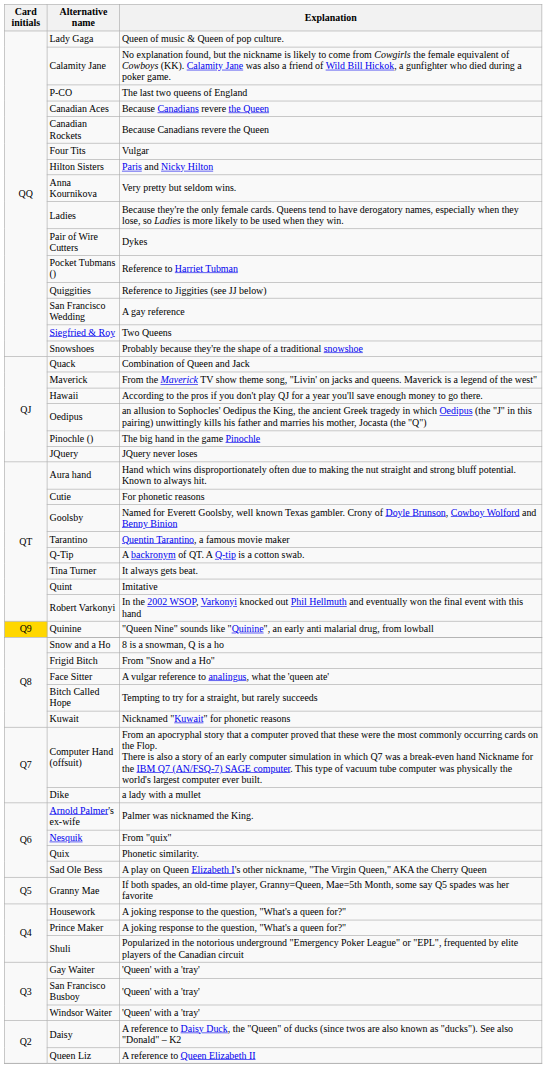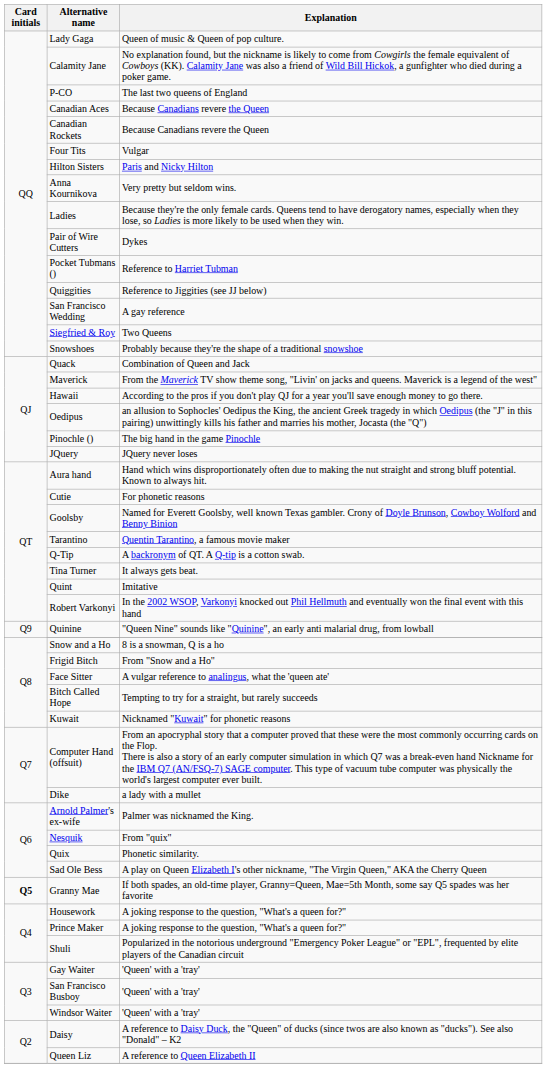 <table class="wikitable">
 <tr>
 <th>Card initials</th>
 <th>Alternative name</th>
 <th>Explanation</th>
 </tr>
 <tr>
 <td align="center" rowspan="15">QQ</td>
 <td>Lady Gaga</td>
 <td>Queen of music & Queen of pop culture.</td>
 </tr>
 <tr>
 <td>Calamity Jane</td>
 <td>No explanation found, but the nickname is likely to come from <em>Cowgirls</em> the female equivalent of <em>Cowboys</em> (KK). <a href='#'>Calamity Jane</a> was also a friend of <a href='#'>Wild Bill Hickok</a>, a gunfighter who died during a poker game.</td>
 </tr>
 <tr>
 <td>P-CO</td>
 <td>The last two queens of England</td>
 </tr>
 <tr>
 <td>Canadian Aces</td>
 <td>Because <a href='#'>Canadians</a> revere <a href='#'>the Queen</a></td>
 </tr>
 <tr>
 <td>Canadian Rockets</td>
 <td>Because Canadians revere the Queen</td>
 </tr>
 <tr>
 <td>Four Tits</td>
 <td>Vulgar</td>
 </tr>
 <tr>
 <td>Hilton Sisters</td>
 <td><a href='#'>Paris</a> and  <a href='#'>Nicky Hilton</a></td>
 </tr>
 <tr>
 <td>Anna Kournikova</td>
 <td>Very pretty but seldom wins.</td>
 </tr>
 <tr>
 <td>Ladies</td>
 <td>Because they're the only female cards. Queens tend to have derogatory names, especially when they lose, so <em>Ladies</em> is more likely to be used when they win.</td>
 </tr>
 <tr>
 <td>Pair of Wire Cutters</td>
 <td>Dykes</td>
 </tr>
 <tr>
 <td>Pocket Tubmans ()</td>
 <td>Reference to <a href='#'>Harriet Tubman</a></td>
 </tr>
 <tr>
 <td>Quiggities</td>
 <td>Reference to Jiggities (see JJ below)</td>
 </tr>
 <tr>
 <td>San Francisco Wedding</td>
 <td>A gay reference</td>
 </tr>
 <tr>
 <td><a href='#'>Siegfried & Roy</a></td>
 <td>Two Queens</td>
 </tr>
 <tr>
 <td>Snowshoes</td>
 <td>Probably because they're the shape of a traditional <a href='#'>snowshoe</a></td>
 </tr>
 <tr>
 <td align="center" rowspan="6">QJ</td>
 <td>Quack</td>
 <td>Combination of Queen and Jack</td>
 </tr>
 <tr>
 <td>Maverick</td>
 <td>From the <em><a href='#'>Maverick</a></em> TV show theme song, "Livin' on jacks and queens. Maverick is a legend of the west"</td>
 </tr>
 <tr>
 <td>Hawaii</td>
 <td>According to the pros if you don't play QJ for a year you'll save enough money to go there.</td>
 </tr>
 <tr>
 <td>Oedipus</td>
 <td>an allusion to Sophocles' Oedipus the King, the ancient Greek tragedy in which <a href='#'>Oedipus</a> (the "J" in this pairing) unwittingly kills his father and marries his mother, Jocasta (the "Q")</td>
 </tr>
 <tr>
 <td>Pinochle ()</td>
 <td>The big hand in the game <a href='#'>Pinochle</a></td>
 </tr>
 <tr>
 <td>JQuery</td>
 <td>JQuery never loses</td>
 </tr>
 <tr>
 <td align="center" rowspan="8">QT</td>
 <td>Aura hand</td>
 <td>Hand which wins disproportionately often due to making the nut straight and strong bluff potential. Known to always hit.</td>
 </tr>
 <tr>
 <td>Cutie</td>
 <td>For phonetic reasons</td>
 </tr>
 <tr>
 <td>Goolsby</td>
 <td>Named for Everett Goolsby, well known Texas gambler. Crony of <a href='#'>Doyle Brunson</a>, <a href='#'>Cowboy Wolford</a> and <a href='#'>Benny Binion</a></td>
 </tr>
 <tr>
 <td>Tarantino</td>
 <td><a href='#'>Quentin Tarantino</a>, a famous movie maker</td>
 </tr>
 <tr>
 <td>Q-Tip</td>
 <td>A <a href='#'>backronym</a> of QT. A <a href='#'>Q-tip</a> is a cotton swab.</td>
 </tr>
 <tr>
 <td>Tina Turner</td>
 <td>It always gets beat.</td>
 </tr>
 <tr>
 <td>Quint</td>
 <td>Imitative</td>
 </tr>
 <tr>
 <td>Robert Varkonyi</td>
 <td>In the <a href='#'>2002 WSOP</a>, <a href='#'>Varkonyi</a> knocked out <a href='#'>Phil Hellmuth</a> and eventually won the final event with this hand</td>
 </tr>
 <tr>
-<td align="center" rowspan="1" style="background: gold;">Q9</td>
+<td align="center" rowspan="1">Q9</td>
 <td>Quinine</td>
 <td>"Queen Nine" sounds like "<a href='#'>Quinine</a>", an early anti malarial drug, from lowball</td>
 </tr>
 <tr>
 <td align="center" rowspan="6">Q8</td>
 </tr>
 <tr>
 <td>Snow and a Ho</td>
 <td>8 is a snowman, Q is a ho</td>
 </tr>
 <tr>
 <td>Frigid Bitch</td>
 <td>From "Snow and a Ho"</td>
 </tr>
 <tr>
 <td>Face Sitter</td>
 <td>A vulgar reference to <a href='#'>analingus</a>, what the 'queen ate'</td>
 </tr>
 <tr>
 <td>Bitch Called Hope</td>
 <td>Tempting to try for a straight, but rarely succeeds</td>
 </tr>
 <tr>
 <td>Kuwait</td>
 <td>Nicknamed "<a href='#'>Kuwait</a>" for phonetic reasons</td>
 </tr>
 <tr>
 <td align="center" rowspan="2">Q7</td>
 <td>Computer Hand (offsuit)</td>
 <td>From an apocryphal story that a computer proved that these were the most commonly occurring cards on the Flop.<br>There is also a story of an early computer simulation in which Q7 was a break-even hand Nickname for the <a href='#'>IBM Q7 (AN/FSQ-7) SAGE computer</a>. This type of vacuum tube computer was physically the world's largest computer ever built.</td>
 </tr>
 <tr>
 <td>Dike</td>
 <td>a lady with a mullet</td>
 </tr>
 <tr>
 <td align="center" rowspan="4">Q6</td>
 <td><a href='#'>Arnold Palmer</a>'s ex-wife</td>
 <td>Palmer was nicknamed the King.</td>
 </tr>
 <tr>
 <td><a href='#'>Nesquik</a></td>
 <td>From "quix"</td>
 </tr>
 <tr>
 <td>Quix</td>
 <td>Phonetic similarity.</td>
 </tr>
 <tr>
 <td>Sad Ole Bess</td>
 <td>A play on Queen <a href='#'>Elizabeth I</a>'s other nickname, "The Virgin Queen," AKA the Cherry Queen</td>
 </tr>
 <tr>
-<td align="center" rowspan="1">Q5</td>
+<td align="center" rowspan="1"><strong>Q5</strong></td>
 <td>Granny Mae</td>
 <td>If both spades, an old-time player, Granny=Queen, Mae=5th Month, some say Q5 spades was her favorite</td>
 </tr>
 <tr>
 <td align="center" rowspan="3">Q4</td>
 <td>Housework</td>
 <td>A joking response to the question, "What's a queen for?"</td>
 </tr>
 <tr>
 <td>Prince Maker</td>
 <td>A joking response to the question, "What's a queen for?"</td>
 </tr>
 <tr>
 <td>Shuli</td>
 <td>Popularized in the notorious underground "Emergency Poker League" or "EPL", frequented by elite players of the Canadian circuit</td>
 </tr>
 <tr>
 <td align="center" rowspan="3">Q3</td>
 <td>Gay Waiter</td>
 <td>'Queen' with a 'tray'</td>
 </tr>
 <tr>
 <td>San Francisco Busboy</td>
 <td>'Queen' with a 'tray'</td>
 </tr>
 <tr>
 <td>Windsor Waiter</td>
 <td>'Queen' with a 'tray'</td>
 </tr>
 <tr>
 <td align="center" rowspan="2">Q2</td>
 <td>Daisy</td>
 <td>A reference to <a href='#'>Daisy Duck</a>, the "Queen" of ducks (since twos are also known as "ducks"). See also "Donald" – K2</td>
 </tr>
 <tr>
 <td>Queen Liz</td>
 <td>A reference to <a href='#'>Queen Elizabeth II</a></td>
 </tr>
 <tr>
 </tr>
 </table>
